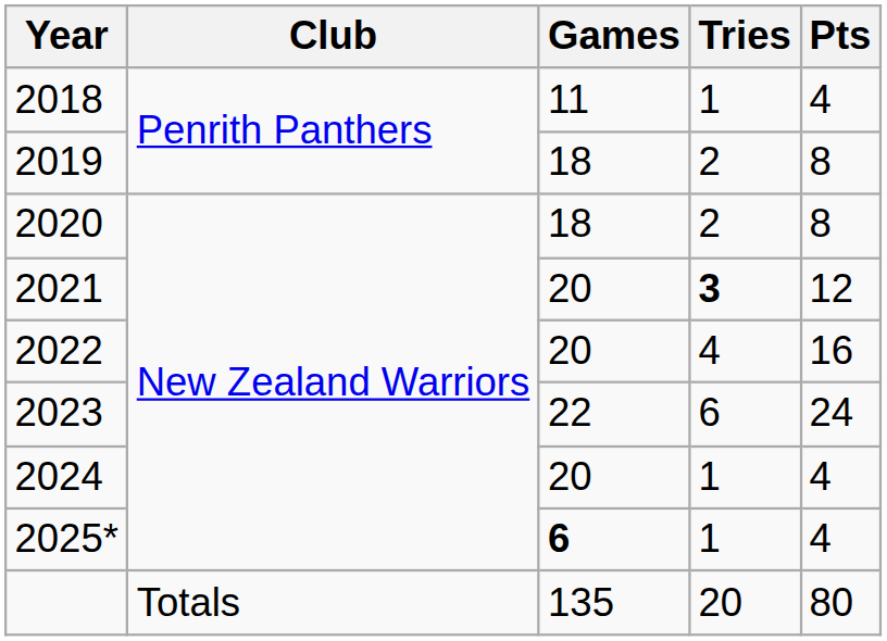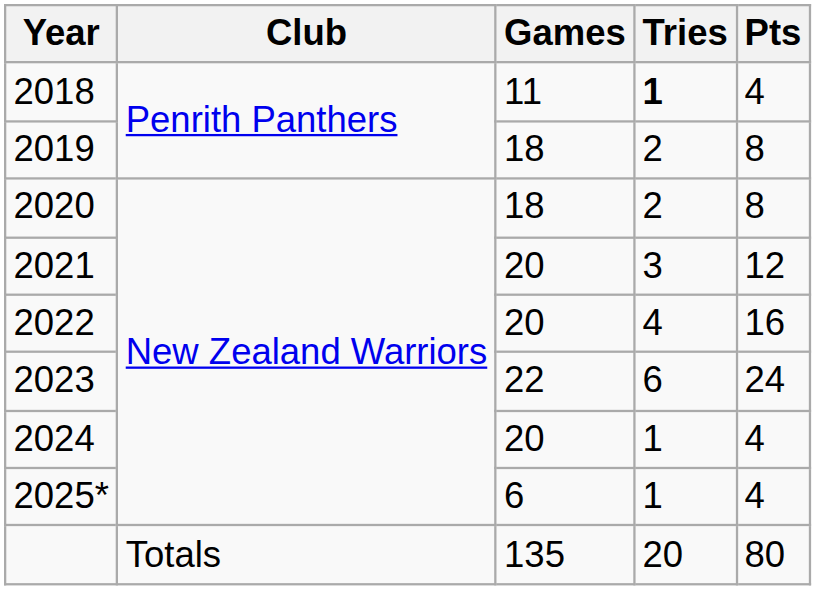 <table class="wikitable">
 <tr>
 <th>Year</th>
 <th>Club</th>
 <th>Games</th>
 <th>Tries</th>
 <th>Pts</th>
 </tr>
 <tr>
 <td>2018</td>
 <td rowspan="2"> <a href='#'>Penrith Panthers</a></td>
 <td>11</td>
-<td>1</td>
+<td><strong>1</strong></td>
 <td>4</td>
 </tr>
 <tr>
 <td>2019</td>
 <td>18</td>
 <td>2</td>
 <td>8</td>
 </tr>
 <tr>
 <td>2020</td>
 <td rowspan="6"> <a href='#'>New Zealand Warriors</a></td>
 <td>18</td>
 <td>2</td>
 <td>8</td>
 </tr>
 <tr>
 <td>2021</td>
 <td>20</td>
-<td><strong>3</strong></td>
+<td>3</td>
 <td>12</td>
 </tr>
 <tr>
 <td>2022</td>
 <td>20</td>
 <td>4</td>
 <td>16</td>
 </tr>
 <tr>
 <td>2023</td>
 <td>22</td>
 <td>6</td>
 <td>24</td>
 </tr>
 <tr>
 <td>2024</td>
 <td>20</td>
 <td>1</td>
 <td>4</td>
 </tr>
 <tr>
 <td>2025*</td>
-<td><strong>6</strong></td>
+<td>6</td>
 <td>1</td>
 <td>4</td>
 </tr>
 <tr>
 <td></td>
 <td>Totals</td>
 <td>135</td>
 <td>20</td>
 <td>80</td>
 </tr>
 </table>
